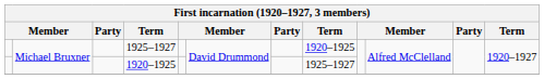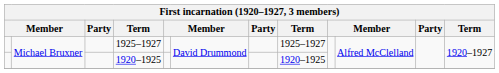 <table class="wikitable">
 <tr>
 <th colspan="12">First incarnation (1920–1927, 3 members)</th>
 </tr>
 <tr>
 <th colspan="2">Member</th>
 <th>Party</th>
 <th>Term</th>
 <th colspan="2">Member</th>
 <th>Party</th>
 <th>Term</th>
 <th colspan="2">Member</th>
 <th>Party</th>
 <th>Term</th>
 </tr>
 <tr>
 <td> </td>
 <td rowspan="2"><a href='#'>Michael Bruxner</a></td>
 <td></td>
 <td>1925–1927</td>
 <td> </td>
 <td rowspan="2"><a href='#'>David Drummond</a></td>
 <td></td>
-<td><a href='#'>1920</a>–1925</td>
+<td>1925–1927</td>
 <td rowspan="2" > </td>
 <td rowspan="2"><a href='#'>Alfred McClelland</a></td>
 <td rowspan="2"></td>
 <td rowspan="2"><a href='#'>1920</a>–1927</td>
 </tr>
 <tr>
 <td> </td>
 <td></td>
 <td><a href='#'>1920</a>–1925</td>
 <td> </td>
 <td></td>
-<td>1925–1927</td>
+<td><a href='#'>1920</a>–1925</td>
 </tr>
 <tr>
 </tr>
 </table>
